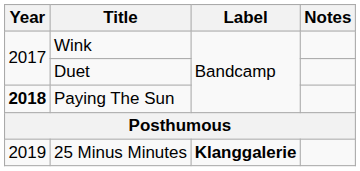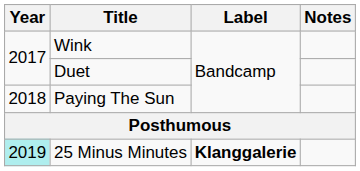 <table class="wikitable">
 <tr>
 <th>Year</th>
 <th>Title</th>
 <th>Label</th>
 <th>Notes</th>
 </tr>
 <tr>
 <td rowspan="2">2017</td>
 <td>Wink</td>
 <td rowspan="3">Bandcamp</td>
 <td></td>
 </tr>
 <tr>
 <td>Duet</td>
 <td></td>
 </tr>
 <tr>
-<td><strong>2018</strong></td>
+<td>2018</td>
 <td>Paying The Sun</td>
 <td></td>
 </tr>
 <tr>
 <th colspan="4">Posthumous</th>
 </tr>
 <tr>
-<td>2019</td>
+<td style="background: paleturquoise;">2019</td>
 <td>25 Minus Minutes</td>
 <td><strong>Klanggalerie</strong></td>
 <td></td>
 </tr>
 </table>
